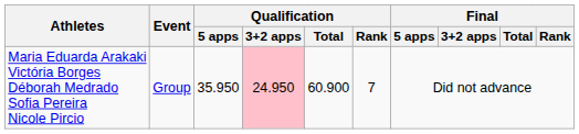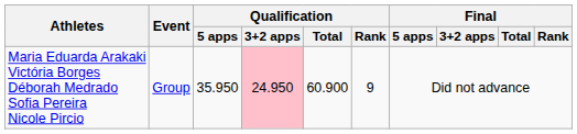 <table class="wikitable" style="text-align:center; font-size:90%">
 <tr>
 <th rowspan="2">Athletes</th>
 <th rowspan="2">Event</th>
 <th colspan="4">Qualification</th>
 <th colspan="4">Final</th>
 </tr>
 <tr style="font-size:95%">
 <th>5 apps</th>
 <th>3+2 apps</th>
 <th>Total</th>
 <th>Rank</th>
 <th>5 apps</th>
 <th>3+2 apps</th>
 <th>Total</th>
 <th>Rank</th>
 </tr>
 <tr>
 <td align=left><a href='#'>Maria Eduarda Arakaki</a><br><a href='#'>Victória Borges</a><br><a href='#'>Déborah Medrado</a><br><a href='#'>Sofia Pereira</a><br><a href='#'>Nicole Pircio</a></td>
 <td align=left><a href='#'>Group</a></td>
 <td>35.950</td>
 <td style="background: pink;">24.950</td>
 <td>60.900</td>
-<td>7</td>
+<td>9</td>
 <td colspan=4>Did not advance</td>
 </tr>
 </table>
